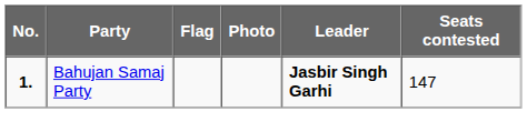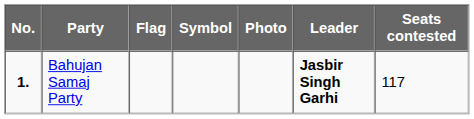 <table class="sortable" width="40%" border="2" cellpadding="6" cellspacing="0" style="margin: 1em 1em 1em 0; background: #f9f9f9; border: 1px #aaa solid">
 <tr>
 <th style="background-color:#666666; color:white">No.</th>
 <th style="background-color:#666666; color:white">Party</th>
 <th style="background-color:#666666; color:white">Flag</th>
+<th style="background-color:#666666; color:white">Symbol</th>
 <th style="background-color:#666666; color:white">Photo</th>
 <th style="background-color:#666666; color:white">Leader</th>
 <th style="background-color:#666666; color:white">Seats contested</th>
 </tr>
 <tr>
 <td style="text-align:center; background:"><strong>1.</strong></td>
 <td><a href='#'>Bahujan Samaj Party</a></td>
 <td></td>
 <td></td>
+<td></td>
 <td><strong>Jasbir Singh Garhi</strong></td>
-<td>147</td>
+<td>117</td>
 </tr>
 </table>
